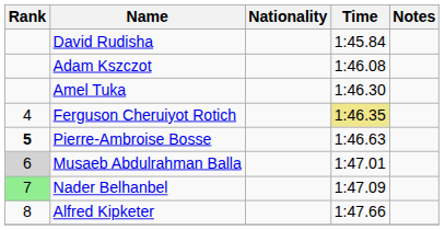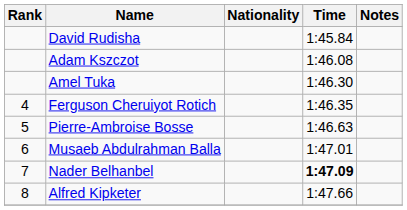 <table class="wikitable sortable" style="text-align:center">
 <tr>
 <th>Rank</th>
 <th>Name</th>
 <th>Nationality</th>
 <th>Time</th>
 <th>Notes</th>
 </tr>
 <tr>
 <td></td>
 <td align=left><a href='#'>David Rudisha</a></td>
 <td align=left></td>
 <td>1:45.84</td>
 <td></td>
 </tr>
 <tr>
 <td></td>
 <td align=left><a href='#'>Adam Kszczot</a></td>
 <td align=left></td>
 <td>1:46.08</td>
 <td></td>
 </tr>
 <tr>
 <td></td>
 <td align=left><a href='#'>Amel Tuka</a></td>
 <td align=left></td>
 <td>1:46.30</td>
 <td></td>
 </tr>
 <tr>
 <td>4</td>
 <td align=left><a href='#'>Ferguson Cheruiyot Rotich</a></td>
 <td align=left></td>
-<td style="background: khaki;">1:46.35</td>
+<td>1:46.35</td>
 <td></td>
 </tr>
 <tr>
-<td><strong>5</strong></td>
+<td>5</td>
 <td align=left><a href='#'>Pierre-Ambroise Bosse</a></td>
 <td align=left></td>
 <td>1:46.63</td>
 <td></td>
 </tr>
 <tr>
-<td style="background: lightgrey;">6</td>
+<td>6</td>
 <td align=left><a href='#'>Musaeb Abdulrahman Balla</a></td>
 <td align=left></td>
 <td>1:47.01</td>
 <td></td>
 </tr>
 <tr>
-<td style="background: lightgreen;">7</td>
+<td>7</td>
 <td align=left><a href='#'>Nader Belhanbel</a></td>
 <td align=left></td>
-<td>1:47.09</td>
+<td><strong>1:47.09</strong></td>
 <td></td>
 </tr>
 <tr>
 <td>8</td>
 <td align=left><a href='#'>Alfred Kipketer</a></td>
 <td align=left></td>
 <td>1:47.66</td>
 <td></td>
 </tr>
 <tr>
 </tr>
 </table>
